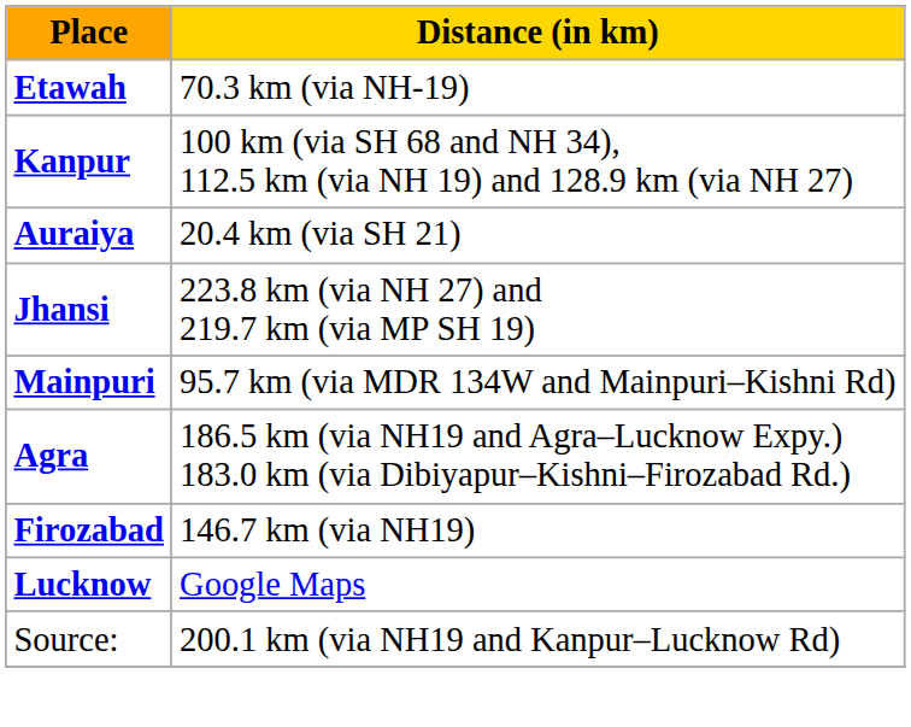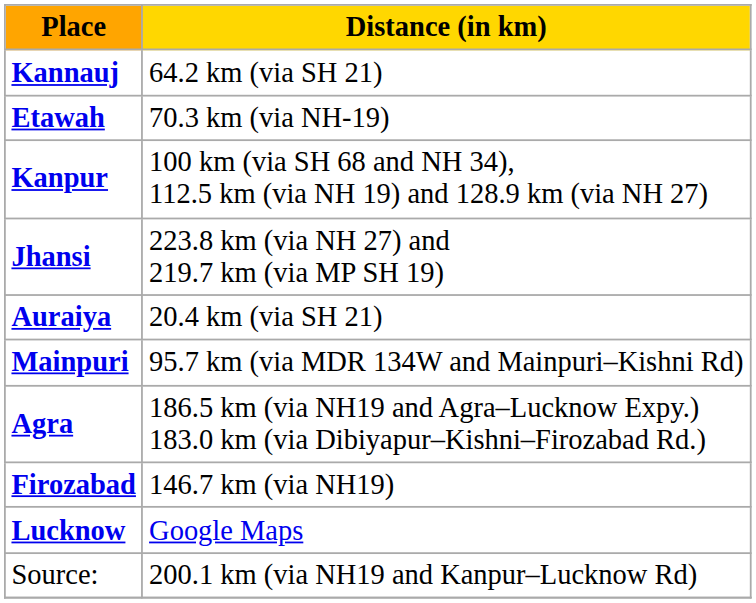 <table class="wikitable sortable" style="background:#fff;">
 <tr>
 <th style="background:orange;">Place</th>
 <th ! style="background:gold;">Distance (in km)</th>
+</tr>
+<tr>
+<td><strong><a href='#'>Kannauj</a></strong></td>
+<td>64.2 km  (via SH 21)</td>
 </tr>
 <tr>
 <td><strong><a href='#'>Etawah</a></strong></td>
 <td>70.3 km  (via NH-19)</td>
 </tr>
 <tr>
 <td><strong><a href='#'>Kanpur</a></strong></td>
 <td>100 km   (via SH 68 and NH 34),<br>112.5 km    (via NH 19) and 128.9 km    (via NH 27)</td>
 </tr>
 <tr>
+<td><strong><a href='#'>Jhansi</a></strong></td>
+<td>223.8 km   (via NH 27) and<br>219.7 km      (via MP SH 19)</td>
+</tr>
+<tr>
 <td><strong><a href='#'>Auraiya</a></strong></td>
 <td>20.4 km    (via SH 21)</td>
-</tr>
-<tr>
-<td><strong><a href='#'>Jhansi</a></strong></td>
-<td>223.8 km   (via NH 27) and<br>219.7 km      (via MP SH 19)</td>
 </tr>
 <tr>
 <td><strong><a href='#'>Mainpuri</a></strong></td>
 <td>95.7 km    (via MDR 134W and Mainpuri–Kishni Rd)</td>
 </tr>
 <tr>
 <td><strong><a href='#'>Agra</a></strong></td>
 <td>186.5 km    (via NH19 and Agra–Lucknow Expy.)<br>183.0 km            (via Dibiyapur–Kishni–Firozabad Rd.)</td>
 </tr>
 <tr>
 <td><strong><a href='#'>Firozabad</a></strong></td>
 <td>146.7 km       (via NH19)</td>
 </tr>
 <tr>
 <td><strong><a href='#'>Lucknow</a></strong></td>
 <td><a href='#'>Google Maps</a></td>
 </tr>
 <tr>
 <td>Source:</td>
 <td>200.1 km        (via NH19 and Kanpur–Lucknow Rd)</td>
 </tr>
 <tr>
 </tr>
 </table>
